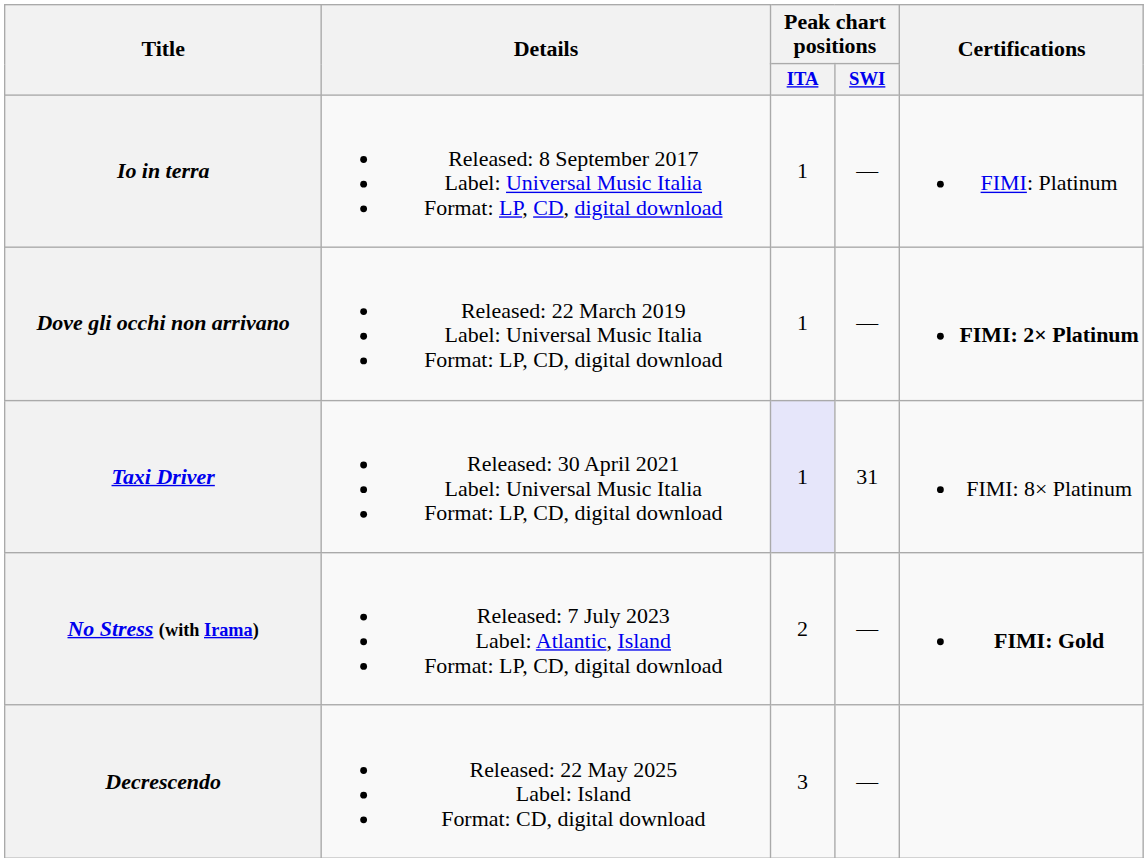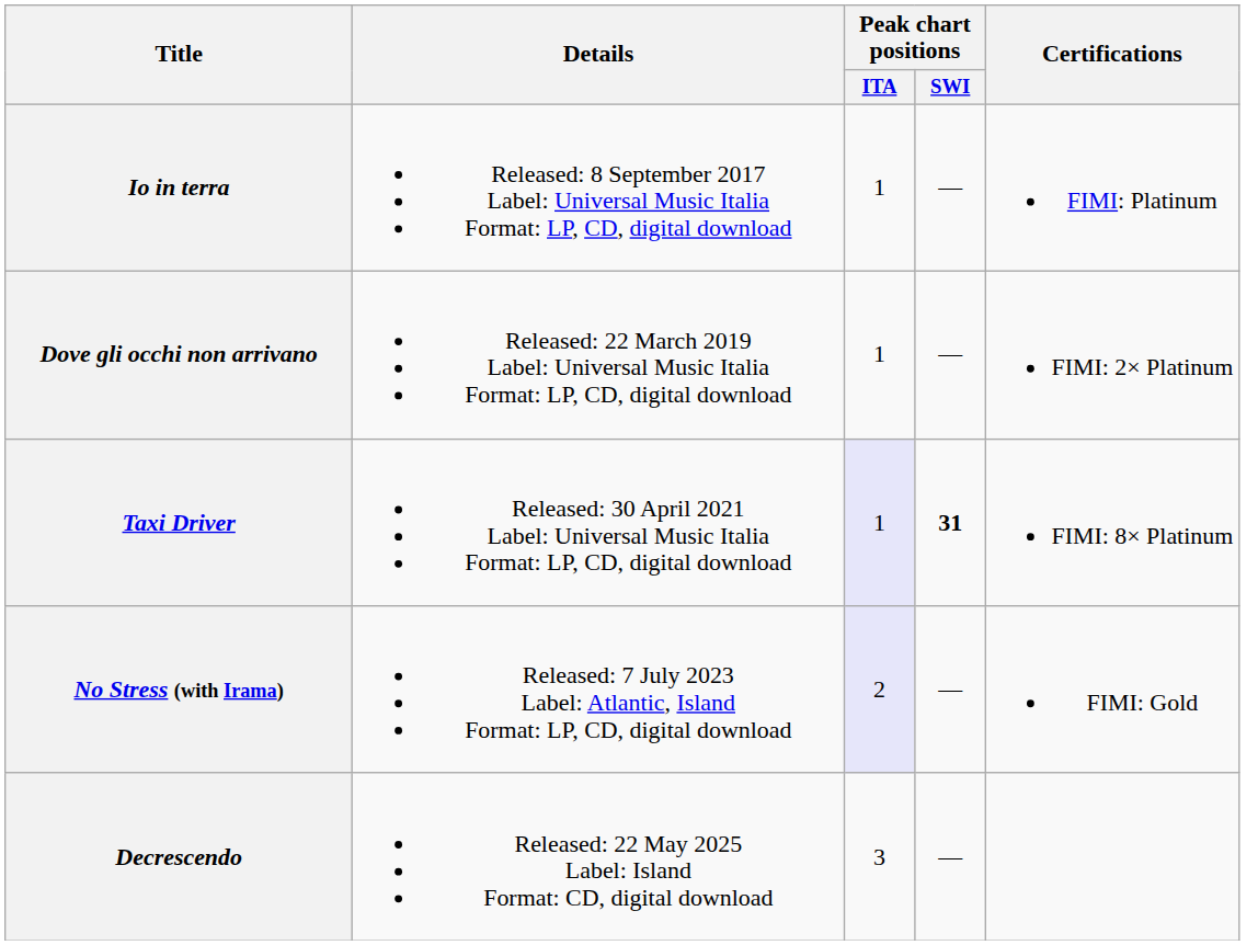 <table class="wikitable plainrowheaders" style="text-align:center;">
 <tr>
 <th scope="col" rowspan="2" style="width:14em;">Title</th>
 <th scope="col" rowspan="2" style="width:20em;">Details</th>
 <th scope="col" colspan="2">Peak chart positions</th>
 <th scope="col" rowspan="2">Certifications</th>
 </tr>
 <tr>
 <th scope="col" style="width:3em;font-size:85%;"><a href='#'>ITA</a><br></th>
 <th scope="col" style="width:3em;font-size:85%;"><a href='#'>SWI</a><br></th>
 </tr>
 <tr>
 <th scope="row"><em>Io in terra</em></th>
 <td><br><ul><li>Released: 8 September 2017</li><li>Label: <a href='#'>Universal Music Italia</a></li><li>Format: <a href='#'>LP</a>, <a href='#'>CD</a>, <a href='#'>digital download</a></li></ul></td>
 <td>1</td>
 <td>—</td>
 <td><br><ul><li><a href='#'>FIMI</a>: Platinum</li></ul></td>
 </tr>
 <tr>
 <th scope="row"><em>Dove gli occhi non arrivano</em></th>
 <td><br><ul><li>Released: 22 March 2019</li><li>Label: Universal Music Italia</li><li>Format: LP, CD, digital download</li></ul></td>
 <td>1</td>
 <td>—</td>
-<td><strong><br><ul><li>FIMI: 2× Platinum</li></ul></strong></td>
+<td><br><ul><li>FIMI: 2× Platinum</li></ul></td>
 </tr>
 <tr>
 <th scope="row"><em><a href='#'>Taxi Driver</a></em></th>
 <td><br><ul><li>Released: 30 April 2021</li><li>Label: Universal Music Italia</li><li>Format: LP, CD, digital download</li></ul></td>
 <td style="background: lavender;">1</td>
-<td>31</td>
+<td><strong>31</strong></td>
 <td><br><ul><li>FIMI: 8× Platinum</li></ul></td>
 </tr>
 <tr>
 <th scope="row"><em><a href='#'>No Stress</a></em> <small>(with <a href='#'>Irama</a>)</small></th>
 <td><br><ul><li>Released: 7 July 2023</li><li>Label: <a href='#'>Atlantic</a>, <a href='#'>Island</a></li><li>Format: LP, CD, digital download</li></ul></td>
-<td>2</td>
+<td style="background: lavender;">2</td>
 <td>—</td>
-<td><strong><br><ul><li>FIMI: Gold</li></ul></strong></td>
+<td><br><ul><li>FIMI: Gold</li></ul></td>
 </tr>
 <tr>
 <th scope="row"><em>Decrescendo</em></th>
 <td><br><ul><li>Released: 22 May 2025</li><li>Label: Island</li><li>Format: CD, digital download</li></ul></td>
 <td>3<br></td>
 <td>—</td>
 <td></td>
 </tr>
 </table>
